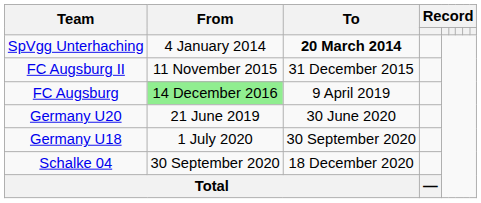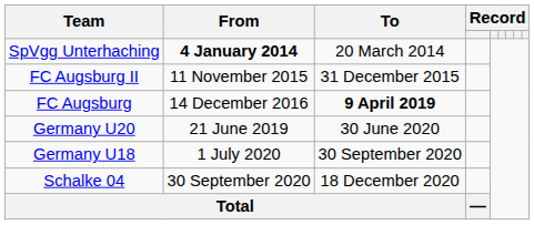 <table class="wikitable" style="text-align: center">
 <tr>
 <th rowspan="2">Team</th>
 <th rowspan="2">From</th>
 <th rowspan="2">To</th>
 <th colspan="9">Record</th>
 </tr>
 <tr>
 <th></th>
 <th></th>
 <th></th>
 <th></th>
 <th></th>
 <th></th>
 </tr>
 <tr>
 <td><a href='#'>SpVgg Unterhaching</a></td>
-<td>4 January 2014</td>
-<td><strong>20 March 2014<br></strong></td>
+<td><strong>4 January 2014</strong></td>
+<td>20 March 2014<br></td>
 <td></td>
 </tr>
 <tr>
 <td><a href='#'>FC Augsburg II</a></td>
 <td>11 November 2015</td>
 <td>31 December 2015<br></td>
 <td></td>
 </tr>
 <tr>
 <td><a href='#'>FC Augsburg</a></td>
-<td style="background: lightgreen;">14 December 2016</td>
-<td>9 April 2019<br></td>
+<td>14 December 2016</td>
+<td><strong>9 April 2019<br></strong></td>
 <td></td>
 </tr>
 <tr>
 <td><a href='#'>Germany U20</a></td>
 <td>21 June 2019</td>
 <td>30 June 2020<br></td>
 <td></td>
 </tr>
 <tr>
 <td><a href='#'>Germany U18</a></td>
 <td>1 July 2020</td>
 <td>30 September 2020<br></td>
 <td></td>
 </tr>
 <tr>
 <td><a href='#'>Schalke 04</a></td>
 <td>30 September 2020</td>
 <td>18 December 2020<br></td>
 <td></td>
 </tr>
 <tr>
 <th colspan="3">Total<br></th>
 <th>—</th>
 </tr>
 </table>
